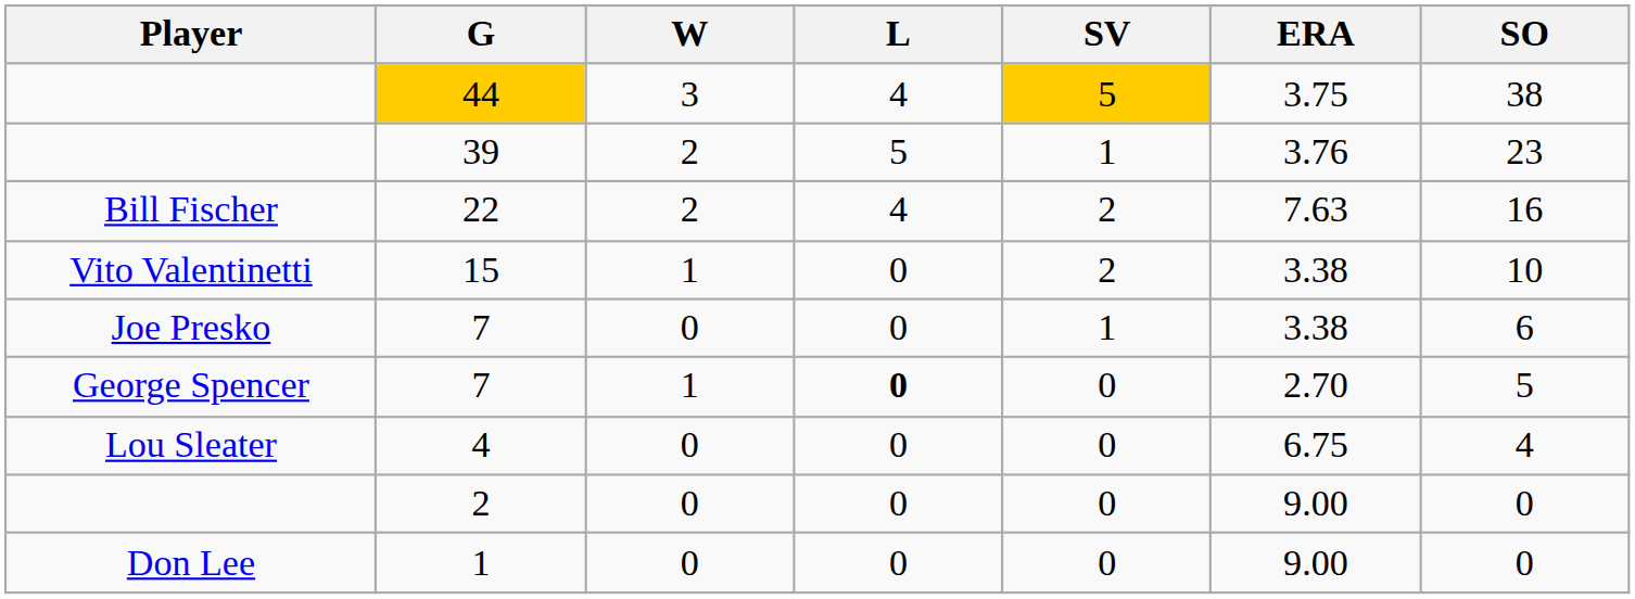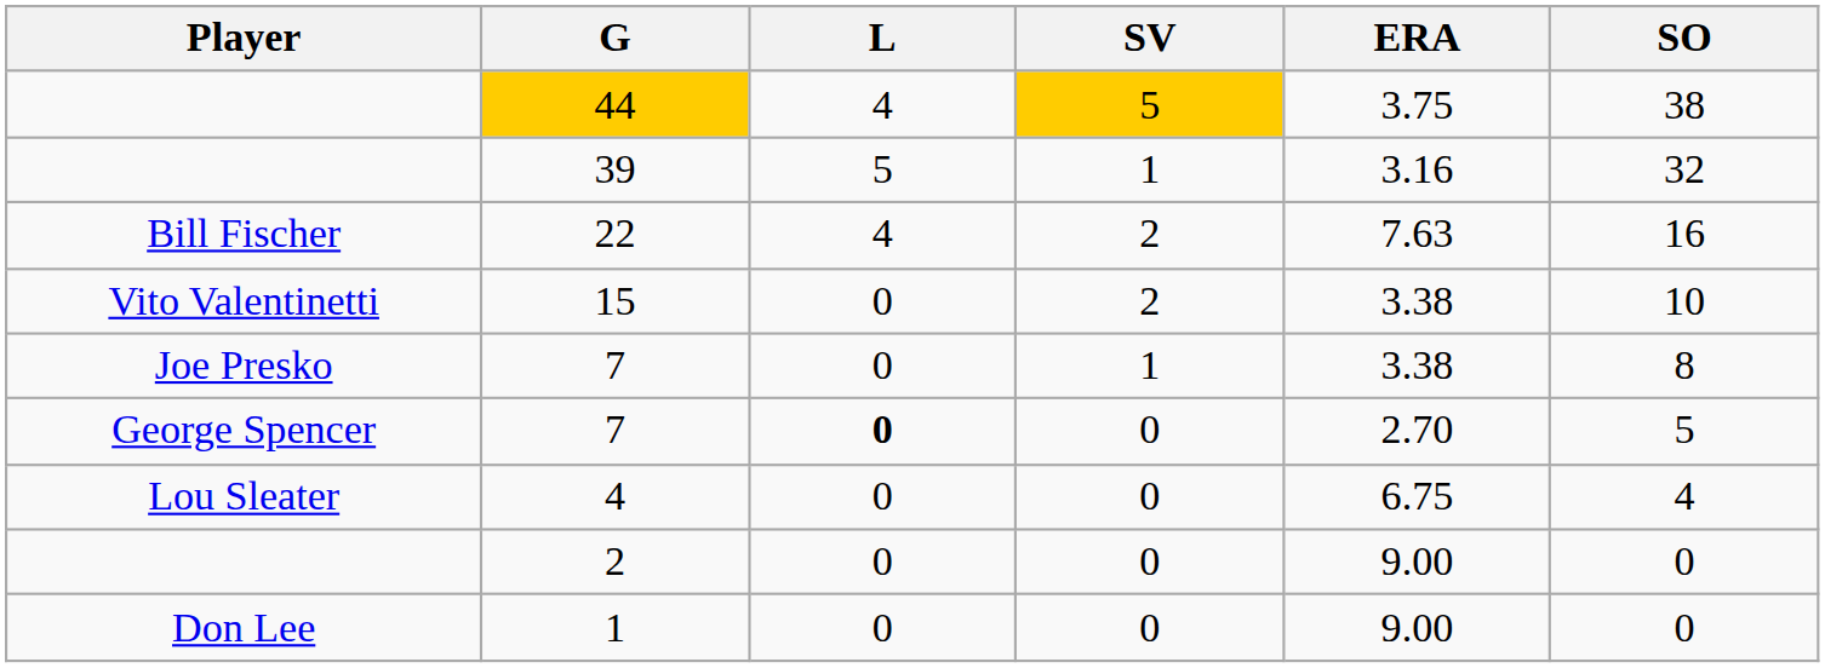 <table class="wikitable sortable">
 <tr>
 <th bgcolor="#DDDDFF" width="16%">Player</th>
 <th bgcolor="#DDDDFF" width="9%">G</th>
-<th bgcolor="#DDDDFF" width="9%">W</th>
 <th bgcolor="#DDDDFF" width="9%">L</th>
 <th bgcolor="#DDDDFF" width="9%">SV</th>
 <th bgcolor="#DDDDFF" width="9%">ERA</th>
 <th bgcolor="#DDDDFF" width="9%">SO</th>
 </tr>
 <tr align="center">
 <td></td>
 <td style="background:#fc0;">44</td>
-<td>3</td>
 <td>4</td>
 <td style="background:#fc0;">5</td>
 <td>3.75</td>
 <td>38</td>
 </tr>
 <tr align="center">
 <td></td>
 <td>39</td>
-<td>2</td>
 <td>5</td>
 <td>1</td>
-<td>3.76</td>
-<td>23</td>
+<td>3.16</td>
+<td>32</td>
 </tr>
 <tr align="center">
 <td><a href='#'>Bill Fischer</a></td>
 <td>22</td>
-<td>2</td>
 <td>4</td>
 <td>2</td>
 <td>7.63</td>
 <td>16</td>
 </tr>
 <tr align=center>
 <td><a href='#'>Vito Valentinetti</a></td>
 <td>15</td>
-<td>1</td>
 <td>0</td>
 <td>2</td>
 <td>3.38</td>
 <td>10</td>
 </tr>
 <tr align=center>
 <td><a href='#'>Joe Presko</a></td>
 <td>7</td>
 <td>0</td>
-<td>0</td>
 <td>1</td>
 <td>3.38</td>
-<td>6</td>
+<td>8</td>
 </tr>
 <tr align=center>
 <td><a href='#'>George Spencer</a></td>
 <td>7</td>
-<td>1</td>
 <td><strong>0</strong></td>
 <td>0</td>
 <td>2.70</td>
 <td>5</td>
 </tr>
 <tr align=center>
 <td><a href='#'>Lou Sleater</a></td>
 <td>4</td>
 <td>0</td>
 <td>0</td>
-<td>0</td>
 <td>6.75</td>
 <td>4</td>
 </tr>
 <tr align=center>
 <td></td>
 <td>2</td>
-<td>0</td>
 <td>0</td>
 <td>0</td>
 <td>9.00</td>
 <td>0</td>
 </tr>
 <tr align=center>
 <td><a href='#'>Don Lee</a></td>
 <td>1</td>
 <td>0</td>
 <td>0</td>
-<td>0</td>
 <td>9.00</td>
 <td>0</td>
 </tr>
 </table>
